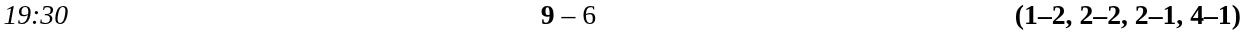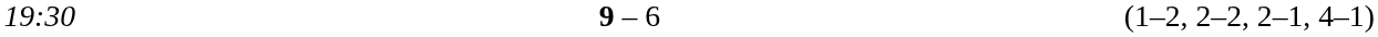 <table style="text-align:center">
 <tr>
 <th width=100></th>
 <th width=200></th>
 <th width=100></th>
 <th width=200></th>
 </tr>
 <tr>
 <td><em>19:30</em></td>
 <td align=right><strong></strong></td>
 <td><strong>9</strong> – 6</td>
 <td align=left></td>
-<td><strong>(1–2, 2–2, 2–1, 4–1)</strong></td>
+<td>(1–2, 2–2, 2–1, 4–1)</td>
 </tr>
 </table>
